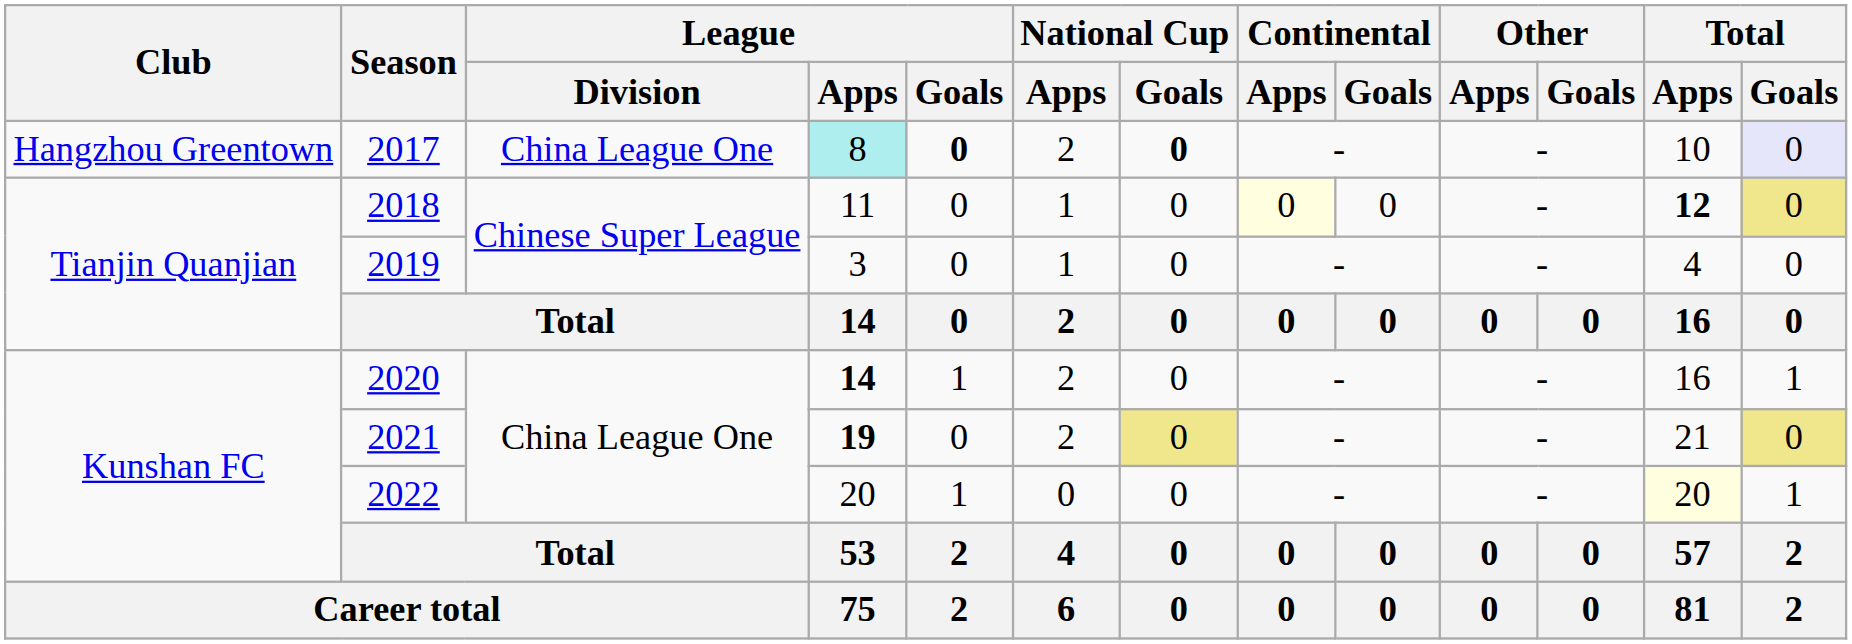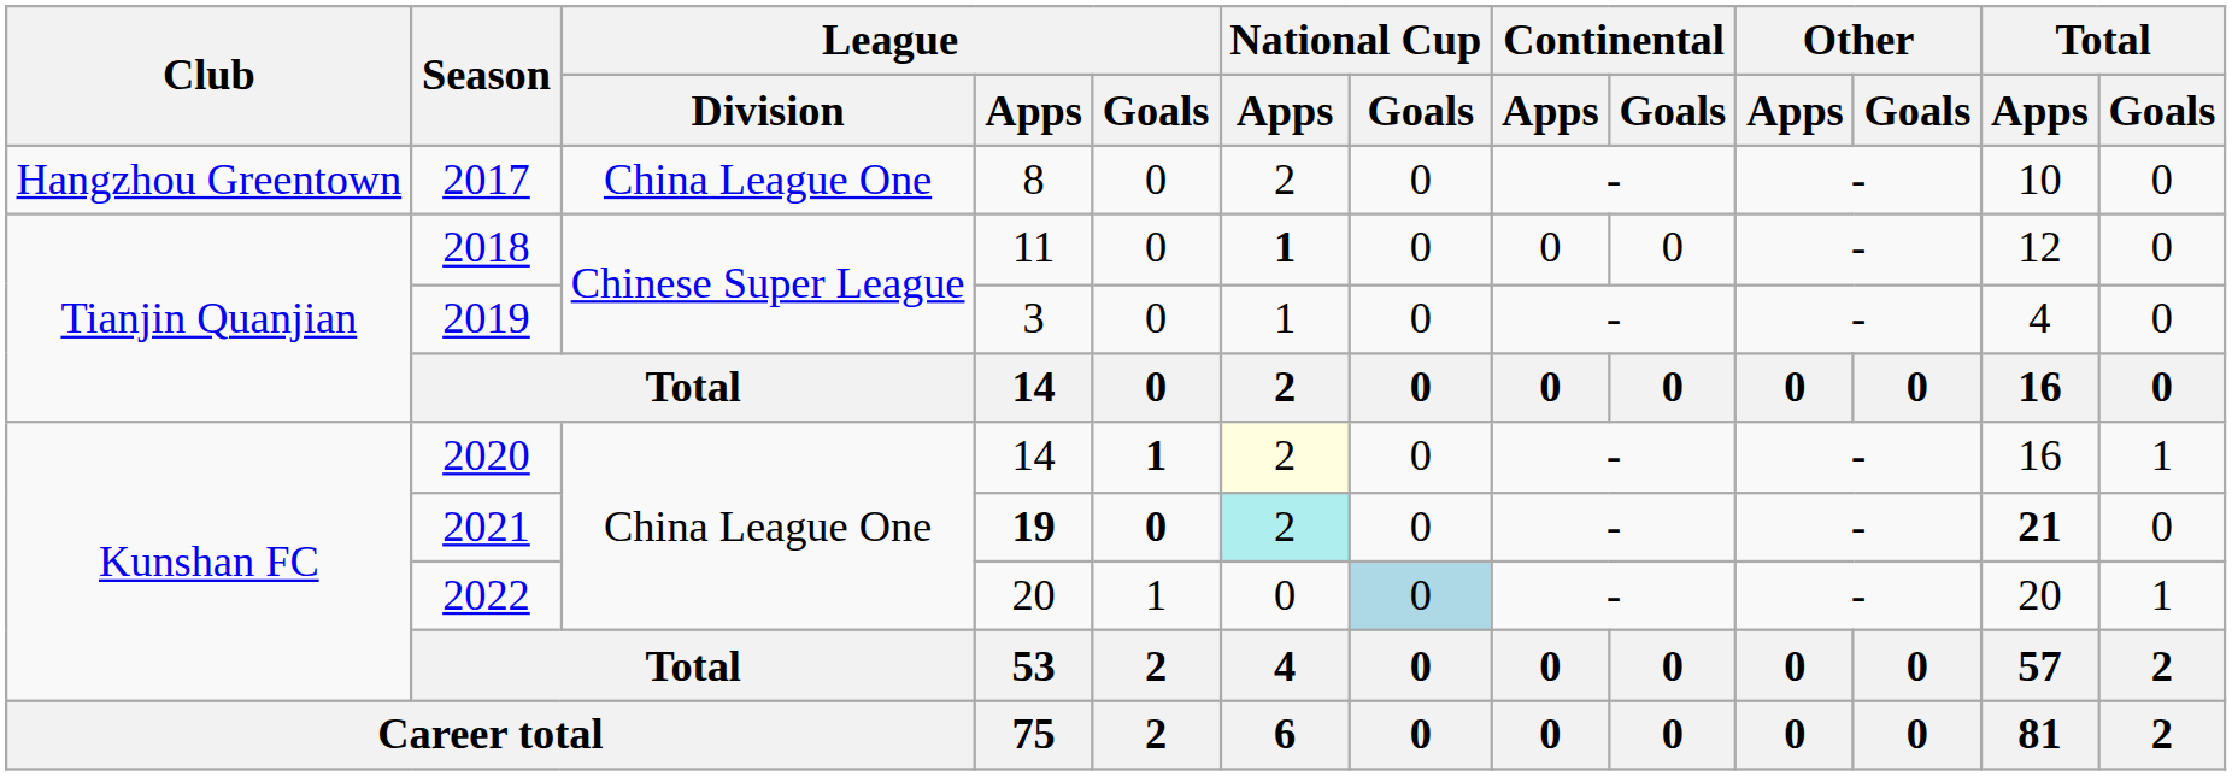 <table class="wikitable" style="text-align: center">
 <tr>
 <th rowspan="2">Club</th>
 <th rowspan="2">Season</th>
 <th colspan="3">League</th>
 <th colspan="2">National Cup</th>
 <th colspan="2">Continental</th>
 <th colspan="2">Other</th>
 <th colspan="2">Total</th>
 </tr>
 <tr>
 <th>Division</th>
 <th>Apps</th>
 <th>Goals</th>
 <th>Apps</th>
 <th>Goals</th>
 <th>Apps</th>
 <th>Goals</th>
 <th>Apps</th>
 <th>Goals</th>
 <th>Apps</th>
 <th>Goals</th>
 </tr>
 <tr>
 <td><a href='#'>Hangzhou Greentown</a></td>
 <td><a href='#'>2017</a></td>
 <td><a href='#'>China League One</a></td>
-<td style="background: paleturquoise;">8</td>
-<td><strong>0</strong></td>
+<td>8</td>
+<td>0</td>
 <td>2</td>
-<td><strong>0</strong></td>
+<td>0</td>
 <td colspan="2">-</td>
 <td colspan="2">-</td>
 <td>10</td>
-<td style="background: lavender;">0</td>
+<td>0</td>
 </tr>
 <tr>
 <td rowspan=3><a href='#'>Tianjin Quanjian</a></td>
 <td><a href='#'>2018</a></td>
 <td rowspan=2><a href='#'>Chinese Super League</a></td>
 <td>11</td>
 <td>0</td>
-<td>1</td>
+<td><strong>1</strong></td>
 <td>0</td>
-<td style="background: lightyellow;">0</td>
+<td>0</td>
 <td>0</td>
 <td colspan="2">-</td>
-<td><strong>12</strong></td>
-<td style="background: khaki;">0</td>
+<td>12</td>
+<td>0</td>
 </tr>
 <tr>
 <td><a href='#'>2019</a></td>
 <td>3</td>
 <td>0</td>
 <td>1</td>
 <td>0</td>
 <td colspan="2">-</td>
 <td colspan="2">-</td>
 <td>4</td>
 <td>0</td>
 </tr>
 <tr>
 <th colspan=2>Total</th>
 <th>14</th>
 <th>0</th>
 <th>2</th>
 <th>0</th>
 <th>0</th>
 <th>0</th>
 <th>0</th>
 <th>0</th>
 <th>16</th>
 <th>0</th>
 </tr>
 <tr>
 <td rowspan=4><a href='#'>Kunshan FC</a></td>
 <td><a href='#'>2020</a></td>
 <td rowspan=3>China League One</td>
-<td><strong>14</strong></td>
-<td>1</td>
-<td>2</td>
+<td>14</td>
+<td><strong>1</strong></td>
+<td style="background: lightyellow;">2</td>
 <td>0</td>
 <td colspan="2">-</td>
 <td colspan="2">-</td>
 <td>16</td>
 <td>1</td>
 </tr>
 <tr>
 <td><a href='#'>2021</a></td>
 <td><strong>19</strong></td>
+<td><strong>0</strong></td>
+<td style="background: paleturquoise;">2</td>
 <td>0</td>
-<td>2</td>
-<td style="background: khaki;">0</td>
 <td colspan="2">-</td>
 <td colspan="2">-</td>
-<td>21</td>
-<td style="background: khaki;">0</td>
+<td><strong>21</strong></td>
+<td>0</td>
 </tr>
 <tr>
 <td><a href='#'>2022</a></td>
 <td>20</td>
 <td>1</td>
 <td>0</td>
-<td>0</td>
+<td style="background: lightblue;">0</td>
 <td colspan="2">-</td>
 <td colspan="2">-</td>
-<td style="background: lightyellow;">20</td>
+<td>20</td>
 <td>1</td>
 </tr>
 <tr>
 <th colspan=2>Total</th>
 <th>53</th>
 <th>2</th>
 <th>4</th>
 <th>0</th>
 <th>0</th>
 <th>0</th>
 <th>0</th>
 <th>0</th>
 <th>57</th>
 <th>2</th>
 </tr>
 <tr>
 <th colspan=3>Career total</th>
 <th>75</th>
 <th>2</th>
 <th>6</th>
 <th>0</th>
 <th>0</th>
 <th>0</th>
 <th>0</th>
 <th>0</th>
 <th>81</th>
 <th>2</th>
 </tr>
 </table>
